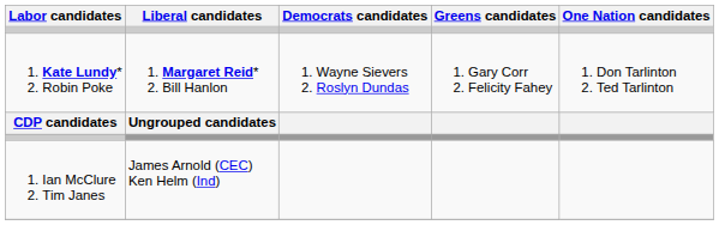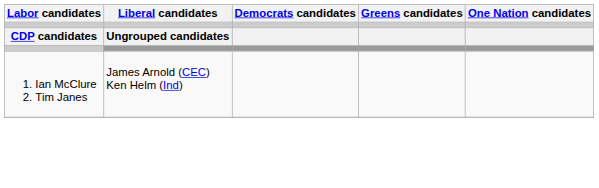 <table class="wikitable">
 <tr>
 <th><a href='#'>Labor</a> candidates</th>
 <th><a href='#'>Liberal</a> candidates</th>
 <th><a href='#'>Democrats</a> candidates</th>
 <th><a href='#'>Greens</a> candidates</th>
 <th><a href='#'>One Nation</a> candidates</th>
 </tr>
 <tr bgcolor="#cccccc">
 <td></td>
 <td></td>
 <td></td>
 <td></td>
 <td></td>
-</tr>
-<tr>
-<td><br><ol><li><strong><a href='#'>Kate Lundy</a></strong>*</li><li>Robin Poke</li></ol></td>
-<td><br><ol><li><strong><a href='#'>Margaret Reid</a></strong>*</li><li>Bill Hanlon</li></ol></td>
-<td valign=top><br><ol><li>Wayne Sievers</li><li><a href='#'>Roslyn Dundas</a></li></ol></td>
-<td valign=top><br><ol><li>Gary Corr</li><li>Felicity Fahey</li></ol></td>
-<td valign=top><br><ol><li>Don Tarlinton</li><li>Ted Tarlinton</li></ol></td>
 </tr>
 <tr bgcolor="#cccccc">
 <th><a href='#'>CDP</a> candidates</th>
 <th>Ungrouped candidates</th>
 <th></th>
 <th></th>
 <th></th>
 </tr>
 <tr bgcolor="#cccccc">
 <td></td>
 <td bgcolor="#999999"></td>
 <td bgcolor="#999999"></td>
 <td bgcolor="#999999"></td>
 <td bgcolor="#999999"></td>
 </tr>
 <tr>
 <td valign=top><br><ol><li>Ian McClure</li><li>Tim Janes</li></ol></td>
 <td valign=top><br>James Arnold (<a href='#'>CEC</a>)<br> Ken Helm (<a href='#'>Ind</a>)</td>
 <td valign=top></td>
 <td valign=top></td>
 <td valign=top></td>
 </tr>
 <tr>
 </tr>
 </table>
